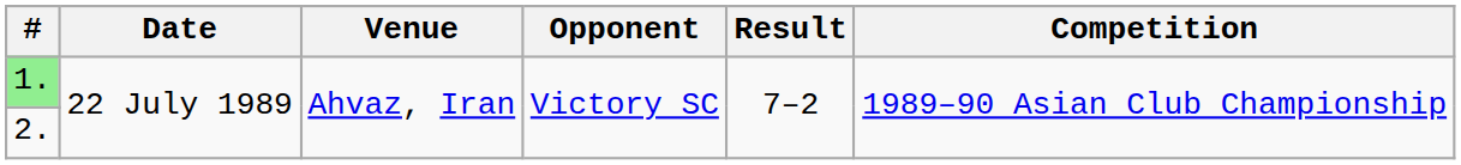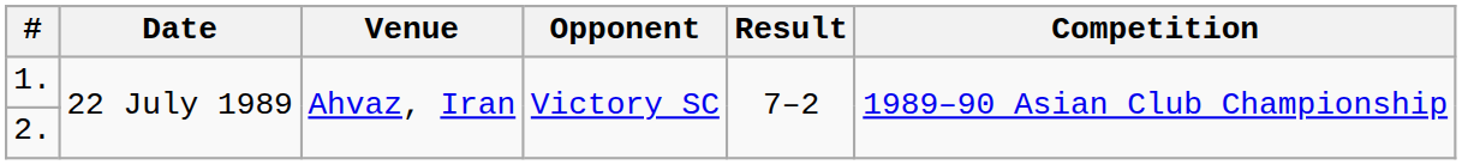 <table class="wikitable" style="font-size:95%">
 <tr>
 <th>#</th>
 <th>Date</th>
 <th>Venue</th>
 <th>Opponent</th>
 <th>Result</th>
 <th>Competition</th>
 </tr>
 <tr>
-<td style="background: lightgreen;">1.</td>
+<td>1.</td>
 <td rowspan=2>22 July 1989</td>
 <td rowspan=2><a href='#'>Ahvaz</a>, <a href='#'>Iran</a></td>
 <td rowspan=2> <a href='#'>Victory SC</a></td>
 <td rowspan=2 style="text-align:center;">7–2</td>
 <td rowspan=2><a href='#'>1989–90 Asian Club Championship</a></td>
 </tr>
 <tr>
 <td>2.</td>
 </tr>
 </table>
